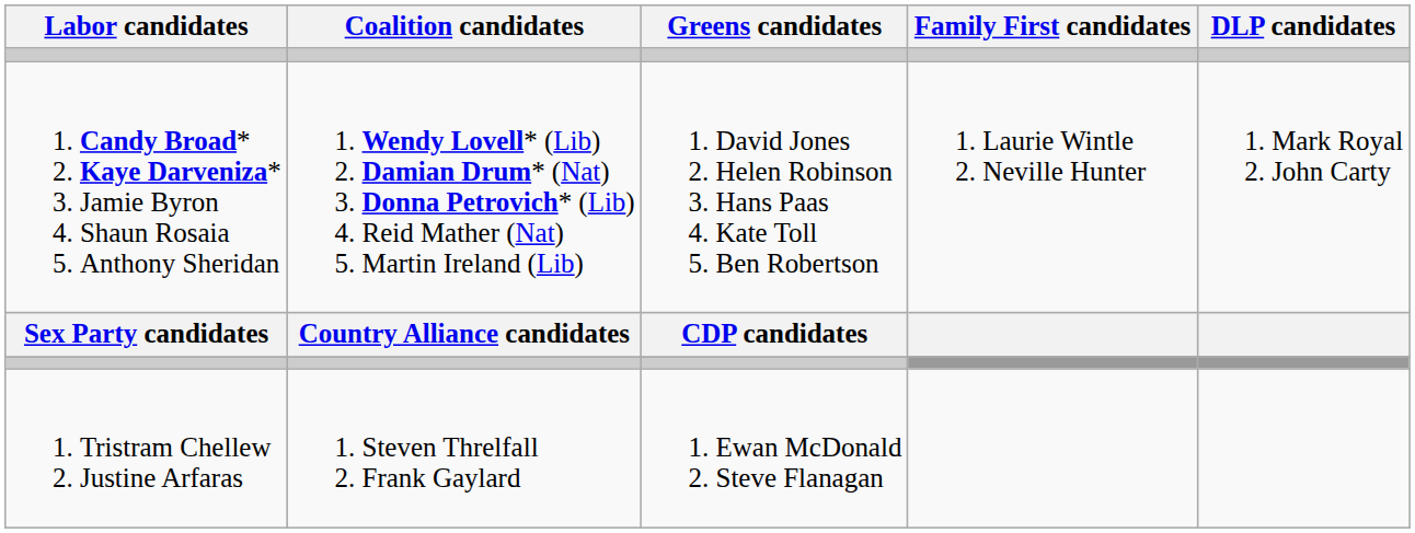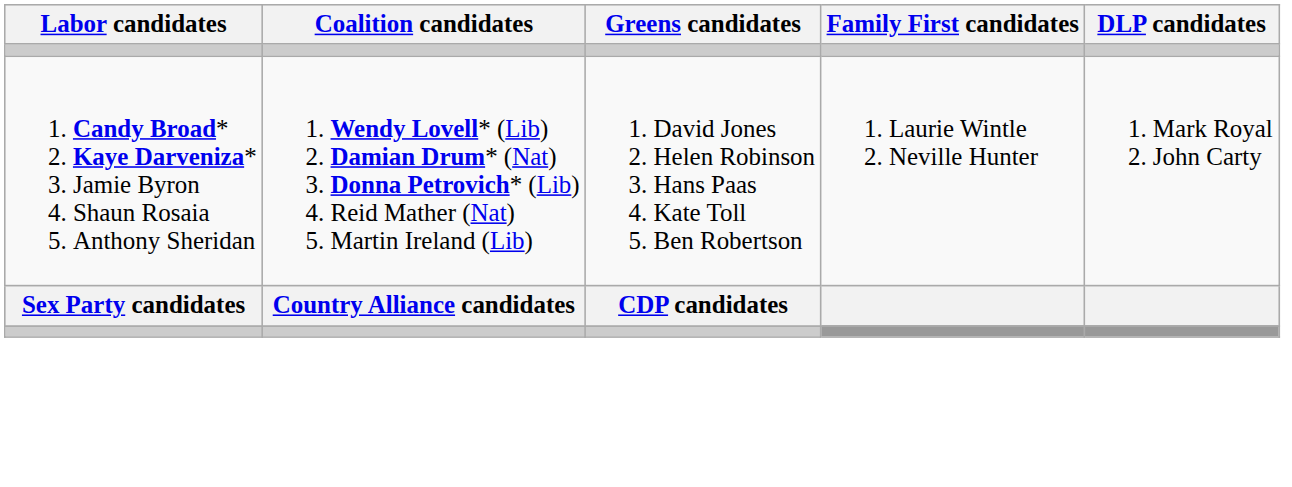 <table class="wikitable">
 <tr>
 <th><a href='#'>Labor</a> candidates</th>
 <th><a href='#'>Coalition</a> candidates</th>
 <th><a href='#'>Greens</a> candidates</th>
 <th><a href='#'>Family First</a> candidates</th>
 <th><a href='#'>DLP</a> candidates</th>
 </tr>
 <tr bgcolor="#cccccc">
 <td></td>
 <td></td>
 <td></td>
 <td></td>
 <td></td>
 </tr>
 <tr>
 <td><br><ol><li><strong><a href='#'>Candy Broad</a></strong>*</li><li><strong><a href='#'>Kaye Darveniza</a></strong>*</li><li>Jamie Byron</li><li>Shaun Rosaia</li><li>Anthony Sheridan</li></ol></td>
 <td><br><ol><li><strong><a href='#'>Wendy Lovell</a></strong>* (<a href='#'>Lib</a>)</li><li><strong><a href='#'>Damian Drum</a></strong>* (<a href='#'>Nat</a>)</li><li><strong><a href='#'>Donna Petrovich</a></strong>* (<a href='#'>Lib</a>)</li><li>Reid Mather (<a href='#'>Nat</a>)</li><li>Martin Ireland (<a href='#'>Lib</a>)</li></ol></td>
 <td valign=top><br><ol><li>David Jones</li><li>Helen Robinson</li><li>Hans Paas</li><li>Kate Toll</li><li>Ben Robertson</li></ol></td>
 <td valign=top><br><ol><li>Laurie Wintle</li><li>Neville Hunter</li></ol></td>
 <td valign=top><br><ol><li>Mark Royal</li><li>John Carty</li></ol></td>
 </tr>
 <tr bgcolor="#cccccc">
 <th><a href='#'>Sex Party</a> candidates</th>
 <th><a href='#'>Country Alliance</a> candidates</th>
 <th><a href='#'>CDP</a> candidates</th>
 <th></th>
 <th></th>
 </tr>
 <tr bgcolor="#cccccc">
 <td></td>
 <td></td>
 <td></td>
 <td bgcolor="#999999"></td>
 <td bgcolor="#999999"></td>
 </tr>
-<tr>
-<td valign=top><br><ol><li>Tristram Chellew</li><li>Justine Arfaras</li></ol></td>
-<td valign=top><br><ol><li>Steven Threlfall</li><li>Frank Gaylard</li></ol></td>
-<td valign=top><br><ol><li>Ewan McDonald</li><li>Steve Flanagan</li></ol></td>
-<td valign=top></td>
-<td valign=top></td>
-</tr>
 </table>
